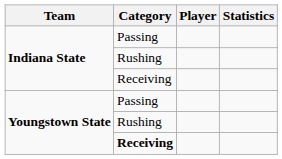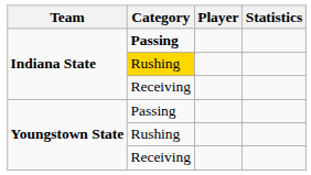 <table class="wikitable" style="float: right;">
 <tr>
 <th>Team</th>
 <th>Category</th>
 <th>Player</th>
 <th>Statistics</th>
 </tr>
 <tr>
 <td rowspan=3><strong>Indiana State</strong></td>
-<td>Passing</td>
+<td><strong>Passing</strong></td>
 <td></td>
 <td></td>
 </tr>
 <tr>
-<td>Rushing</td>
+<td style="background: gold;">Rushing</td>
 <td></td>
 <td></td>
 </tr>
 <tr>
 <td>Receiving</td>
 <td></td>
 <td></td>
 </tr>
 <tr>
 <td rowspan=3><strong>Youngstown State</strong></td>
 <td>Passing</td>
 <td></td>
 <td></td>
 </tr>
 <tr>
 <td>Rushing</td>
 <td></td>
 <td></td>
 </tr>
 <tr>
-<td><strong>Receiving</strong></td>
+<td>Receiving</td>
 <td></td>
 <td></td>
 </tr>
 </table>
